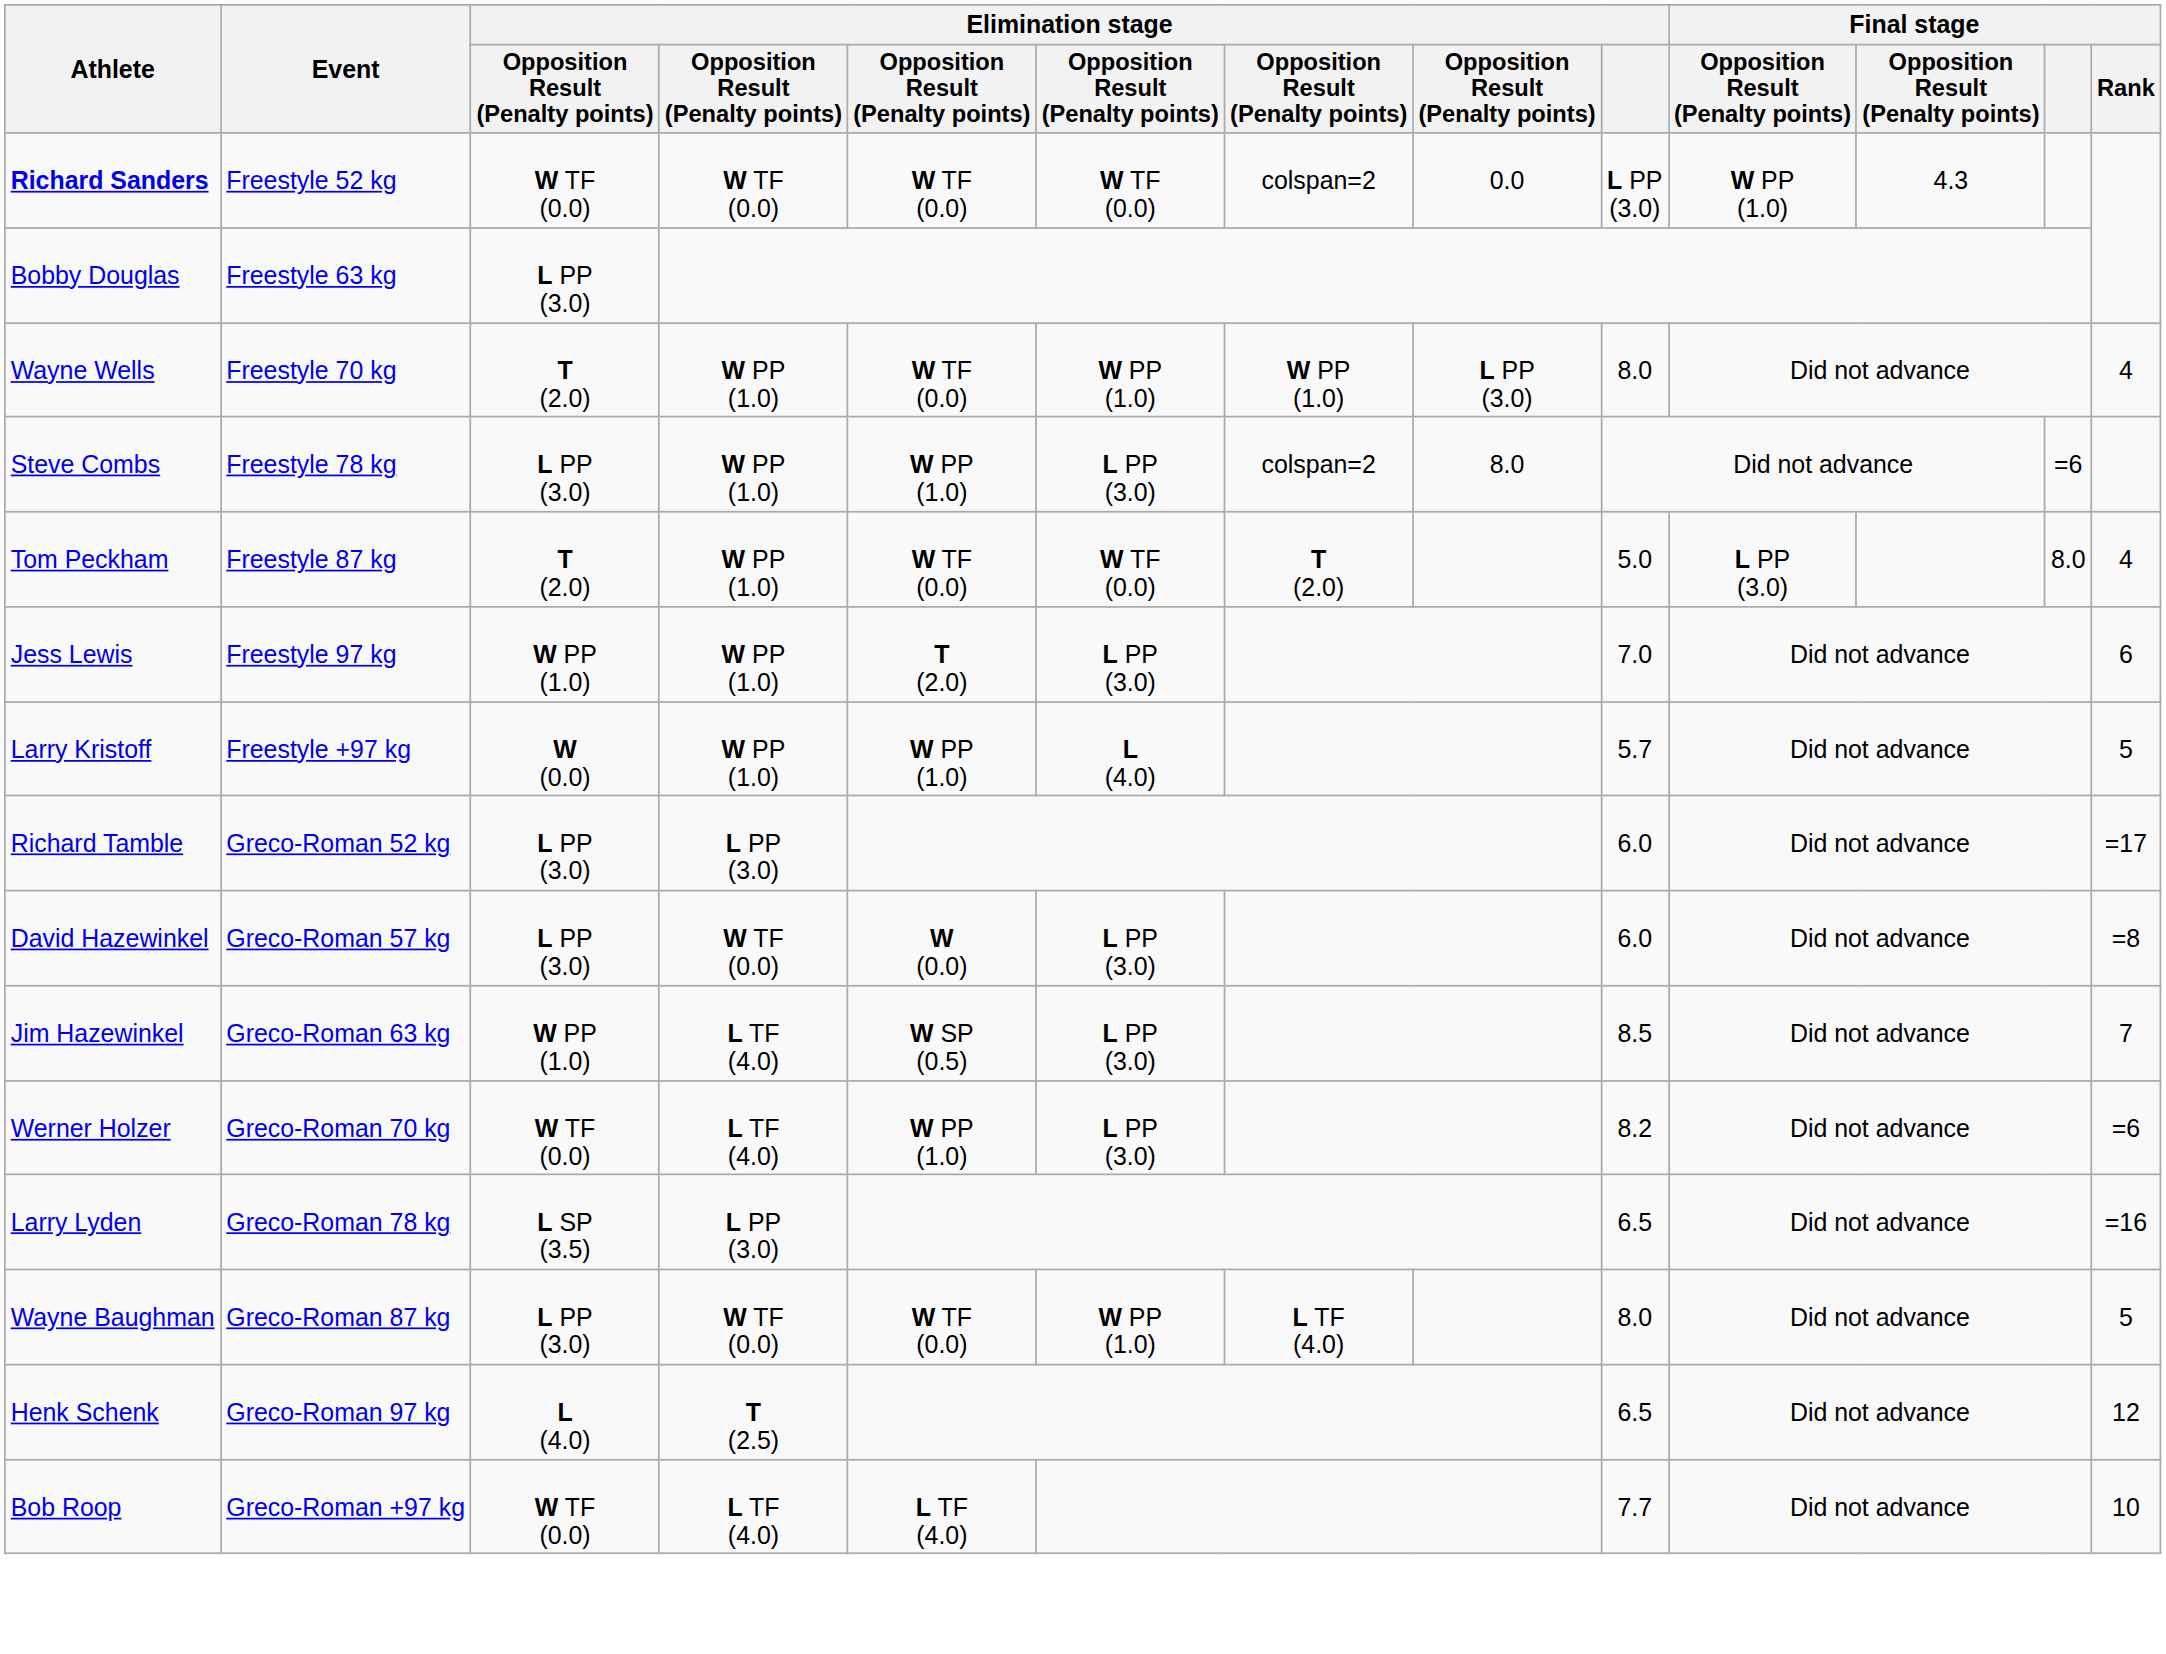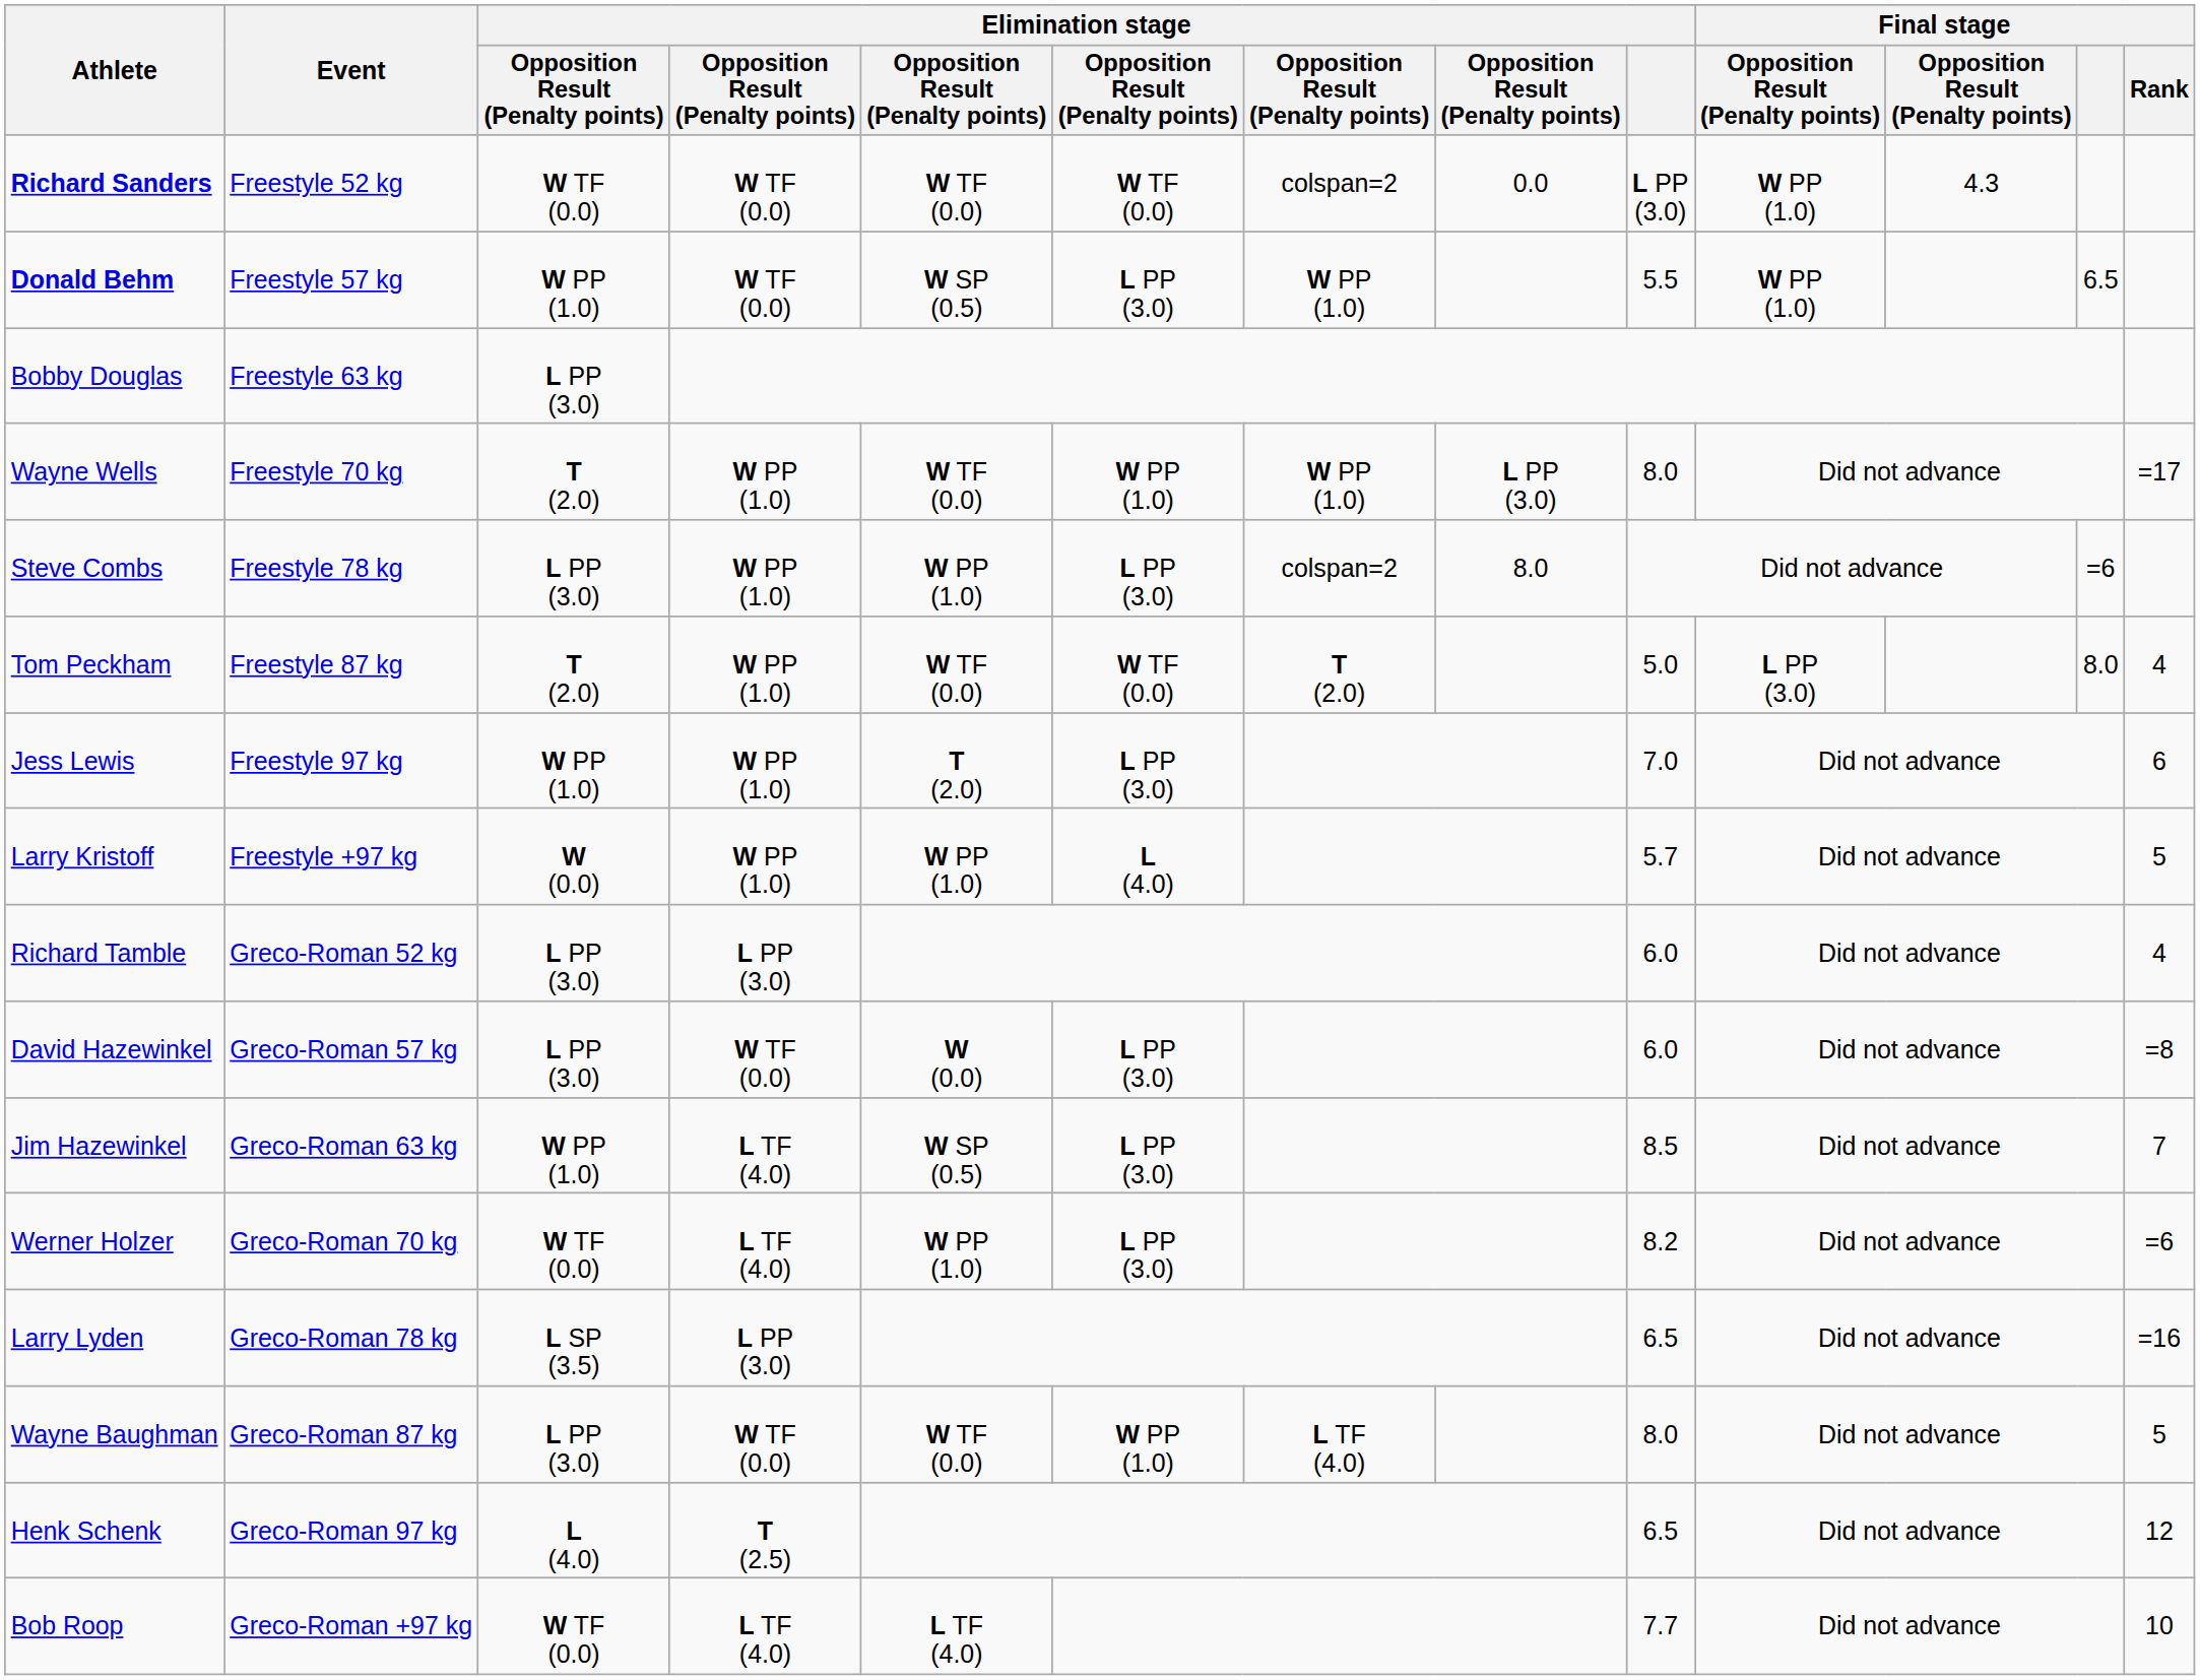 <table class=wikitable style=font-size:90%;text-align:center>
 <tr>
 <th rowspan=2>Athlete</th>
 <th rowspan=2>Event</th>
 <th colspan=7>Elimination stage</th>
 <th colspan=4>Final stage</th>
 </tr>
 <tr style=font-size:95%>
 <th>Opposition<br>Result<br>(Penalty points)</th>
 <th>Opposition<br>Result<br>(Penalty points)</th>
 <th>Opposition<br>Result<br>(Penalty points)</th>
 <th>Opposition<br>Result<br>(Penalty points)</th>
 <th>Opposition<br>Result<br>(Penalty points)</th>
 <th>Opposition<br>Result<br>(Penalty points)</th>
 <th></th>
 <th>Opposition<br>Result<br>(Penalty points)</th>
 <th>Opposition<br>Result<br>(Penalty points)</th>
 <th></th>
 <th>Rank</th>
 </tr>
 <tr>
 <td align=left><strong><a href='#'>Richard Sanders</a></strong></td>
 <td align=left><a href='#'>Freestyle 52 kg</a></td>
 <td><br><strong>W</strong> TF<br>(0.0)</td>
 <td><br><strong>W</strong> TF<br>(0.0)</td>
 <td><br><strong>W</strong> TF<br>(0.0)</td>
 <td><br><strong>W</strong> TF<br>(0.0)</td>
 <td>colspan=2 </td>
 <td>0.0</td>
 <td><br><strong>L</strong> PP<br>(3.0)</td>
 <td><br><strong>W</strong> PP<br>(1.0)</td>
 <td>4.3</td>
 <td></td>
 </tr>
 <tr>
+<td align=left><strong><a href='#'>Donald Behm</a></strong></td>
+<td align=left><a href='#'>Freestyle 57 kg</a></td>
+<td><br><strong>W</strong> PP<br>(1.0)</td>
+<td><br><strong>W</strong> TF<br>(0.0)</td>
+<td><br><strong>W</strong> SP<br>(0.5)</td>
+<td><br><strong>L</strong> PP<br>(3.0)</td>
+<td><br><strong>W</strong> PP<br>(1.0)</td>
+<td></td>
+<td>5.5</td>
+<td><br><strong>W</strong> PP<br>(1.0)</td>
+<td></td>
+<td>6.5</td>
+<td></td>
+</tr>
+<tr>
 <td align=left><a href='#'>Bobby Douglas</a></td>
 <td align=left><a href='#'>Freestyle 63 kg</a></td>
 <td><br><strong>L</strong> PP<br>(3.0)</td>
 <td colspan=9></td>
 </tr>
 <tr>
 <td align=left><a href='#'>Wayne Wells</a></td>
 <td align=left><a href='#'>Freestyle 70 kg</a></td>
 <td><br><strong>T</strong><br>(2.0)</td>
 <td><br><strong>W</strong> PP<br>(1.0)</td>
 <td><br><strong>W</strong> TF<br>(0.0)</td>
 <td><br><strong>W</strong> PP<br>(1.0)</td>
 <td><br><strong>W</strong> PP<br>(1.0)</td>
 <td><br><strong>L</strong> PP<br>(3.0)</td>
 <td>8.0</td>
 <td colspan=3>Did not advance</td>
-<td>4</td>
+<td>=17</td>
 </tr>
 <tr>
 <td align=left><a href='#'>Steve Combs</a></td>
 <td align=left><a href='#'>Freestyle 78 kg</a></td>
 <td><br><strong>L</strong> PP<br>(3.0)</td>
 <td><br><strong>W</strong> PP<br>(1.0)</td>
 <td><br><strong>W</strong> PP<br>(1.0)</td>
 <td><br><strong>L</strong> PP<br>(3.0)</td>
 <td>colspan=2 </td>
 <td>8.0</td>
 <td colspan=3>Did not advance</td>
 <td>=6</td>
 </tr>
 <tr>
 <td align=left><a href='#'>Tom Peckham</a></td>
 <td align=left><a href='#'>Freestyle 87 kg</a></td>
 <td><br><strong>T</strong><br>(2.0)</td>
 <td><br><strong>W</strong> PP<br>(1.0)</td>
 <td><br><strong>W</strong> TF<br>(0.0)</td>
 <td><br><strong>W</strong> TF<br>(0.0)</td>
 <td><br><strong>T</strong><br>(2.0)</td>
 <td></td>
 <td>5.0</td>
 <td><br><strong>L</strong> PP<br>(3.0)</td>
 <td></td>
 <td>8.0</td>
 <td>4</td>
 </tr>
 <tr>
 <td align=left><a href='#'>Jess Lewis</a></td>
 <td align=left><a href='#'>Freestyle 97 kg</a></td>
 <td><br><strong>W</strong> PP<br>(1.0)</td>
 <td><br><strong>W</strong> PP<br>(1.0)</td>
 <td><br><strong>T</strong><br>(2.0)</td>
 <td><br><strong>L</strong> PP<br>(3.0)</td>
 <td colspan=2></td>
 <td>7.0</td>
 <td colspan=3>Did not advance</td>
 <td>6</td>
 </tr>
 <tr>
 <td align=left><a href='#'>Larry Kristoff</a></td>
 <td align=left><a href='#'>Freestyle +97 kg</a></td>
 <td><br><strong>W</strong> <br>(0.0)</td>
 <td><br><strong>W</strong> PP<br>(1.0)</td>
 <td><br><strong>W</strong> PP<br>(1.0)</td>
 <td><br><strong>L</strong> <br>(4.0)</td>
 <td colspan=2></td>
 <td>5.7</td>
 <td colspan=3>Did not advance</td>
 <td>5</td>
 </tr>
 <tr>
 <td align=left><a href='#'>Richard Tamble</a></td>
 <td align=left><a href='#'>Greco-Roman 52 kg</a></td>
 <td><br><strong>L</strong> PP<br>(3.0)</td>
 <td><br><strong>L</strong> PP<br>(3.0)</td>
 <td colspan=4></td>
 <td>6.0</td>
 <td colspan=3>Did not advance</td>
-<td>=17</td>
+<td>4</td>
 </tr>
 <tr>
 <td align=left><a href='#'>David Hazewinkel</a></td>
 <td align=left><a href='#'>Greco-Roman 57 kg</a></td>
 <td><br><strong>L</strong> PP<br>(3.0)</td>
 <td><br><strong>W</strong> TF<br>(0.0)</td>
 <td><br><strong>W</strong> <br>(0.0)</td>
 <td><br><strong>L</strong> PP<br>(3.0)</td>
 <td colspan=2></td>
 <td>6.0</td>
 <td colspan=3>Did not advance</td>
 <td>=8</td>
 </tr>
 <tr>
 <td align=left><a href='#'>Jim Hazewinkel</a></td>
 <td align=left><a href='#'>Greco-Roman 63 kg</a></td>
 <td><br><strong>W</strong> PP<br>(1.0)</td>
 <td><br><strong>L</strong> TF<br>(4.0)</td>
 <td><br><strong>W</strong> SP<br>(0.5)</td>
 <td><br><strong>L</strong> PP<br>(3.0)</td>
 <td colspan=2></td>
 <td>8.5</td>
 <td colspan=3>Did not advance</td>
 <td>7</td>
 </tr>
 <tr>
 <td align=left><a href='#'>Werner Holzer</a></td>
 <td align=left><a href='#'>Greco-Roman 70 kg</a></td>
 <td><br><strong>W</strong> TF<br>(0.0)</td>
 <td><br><strong>L</strong> TF<br>(4.0)</td>
 <td><br><strong>W</strong> PP<br>(1.0)</td>
 <td><br><strong>L</strong> PP<br>(3.0)</td>
 <td colspan=2></td>
 <td>8.2</td>
 <td colspan=3>Did not advance</td>
 <td>=6</td>
 </tr>
 <tr>
 <td align=left><a href='#'>Larry Lyden</a></td>
 <td align=left><a href='#'>Greco-Roman 78 kg</a></td>
 <td><br><strong>L</strong> SP<br>(3.5)</td>
 <td><br><strong>L</strong> PP<br>(3.0)</td>
 <td colspan=4></td>
 <td>6.5</td>
 <td colspan=3>Did not advance</td>
 <td>=16</td>
 </tr>
 <tr>
 <td align=left><a href='#'>Wayne Baughman</a></td>
 <td align=left><a href='#'>Greco-Roman 87 kg</a></td>
 <td><br><strong>L</strong> PP<br>(3.0)</td>
 <td><br><strong>W</strong> TF<br>(0.0)</td>
 <td><br><strong>W</strong> TF<br>(0.0)</td>
 <td><br><strong>W</strong> PP<br>(1.0)</td>
 <td><br><strong>L</strong> TF<br>(4.0)</td>
 <td></td>
 <td>8.0</td>
 <td colspan=3>Did not advance</td>
 <td>5</td>
 </tr>
 <tr>
 <td align=left><a href='#'>Henk Schenk</a></td>
 <td align=left><a href='#'>Greco-Roman 97 kg</a></td>
 <td><br><strong>L</strong> <br>(4.0)</td>
 <td><br><strong>T</strong><br>(2.5)</td>
 <td colspan=4></td>
 <td>6.5</td>
 <td colspan=3>Did not advance</td>
 <td>12</td>
 </tr>
 <tr>
 <td align=left><a href='#'>Bob Roop</a></td>
 <td align=left><a href='#'>Greco-Roman +97 kg</a></td>
 <td><br><strong>W</strong> TF<br>(0.0)</td>
 <td><br><strong>L</strong> TF<br>(4.0)</td>
 <td><br><strong>L</strong> TF<br>(4.0)</td>
 <td colspan=3></td>
 <td>7.7</td>
 <td colspan=3>Did not advance</td>
 <td>10</td>
 </tr>
 </table>
